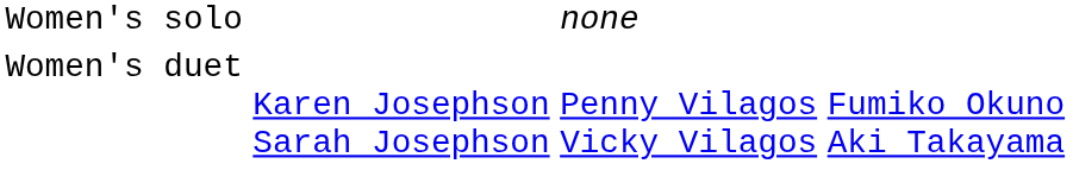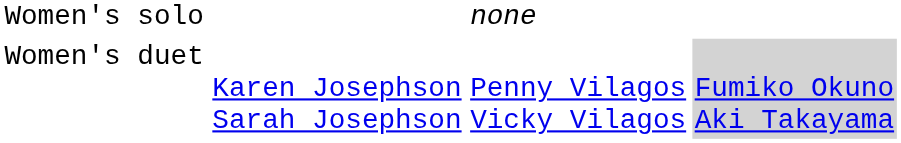 <table>
 <tr valign="top">
 <td rowspan=2>Women's solo</td>
 <td></td>
 <td rowspan=2><em>none</em></td>
 <td rowspan=2></td>
 </tr>
 <tr>
 <td></td>
 </tr>
 <tr valign="top">
 <td>Women's duet</td>
 <td><br><a href='#'>Karen Josephson</a><br><a href='#'>Sarah Josephson</a></td>
 <td><br><a href='#'>Penny Vilagos</a><br><a href='#'>Vicky Vilagos</a></td>
-<td><br><a href='#'>Fumiko Okuno</a><br><a href='#'>Aki Takayama</a></td>
+<td style="background: lightgrey;"><br><a href='#'>Fumiko Okuno</a><br><a href='#'>Aki Takayama</a></td>
 </tr>
 </table>
